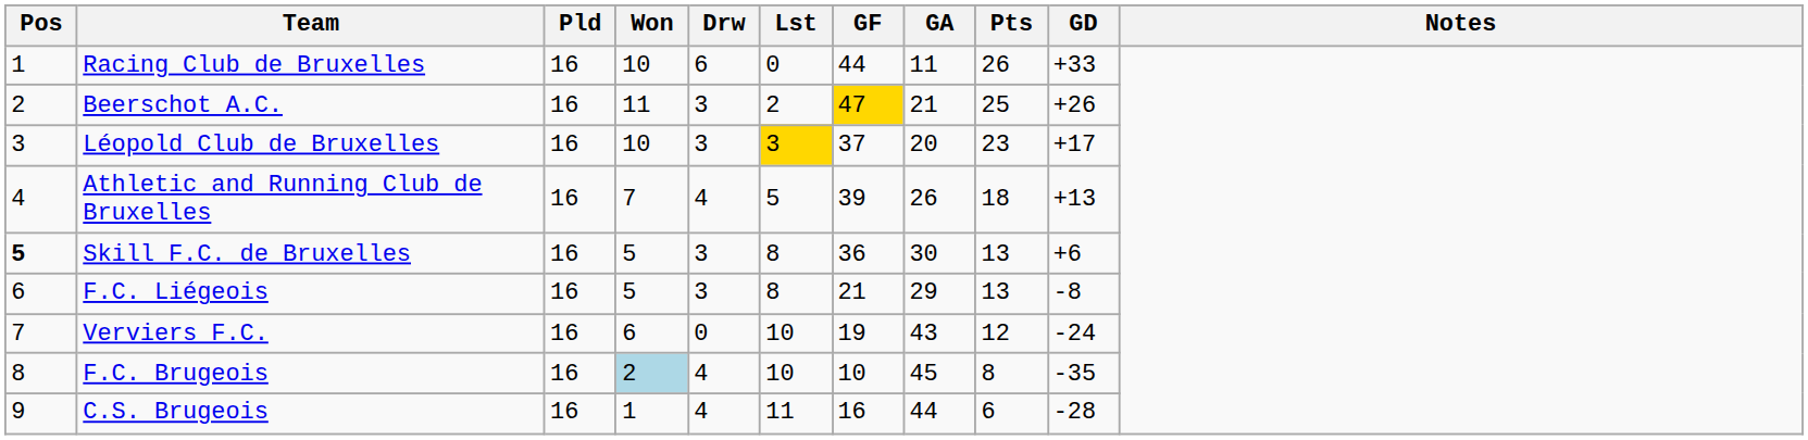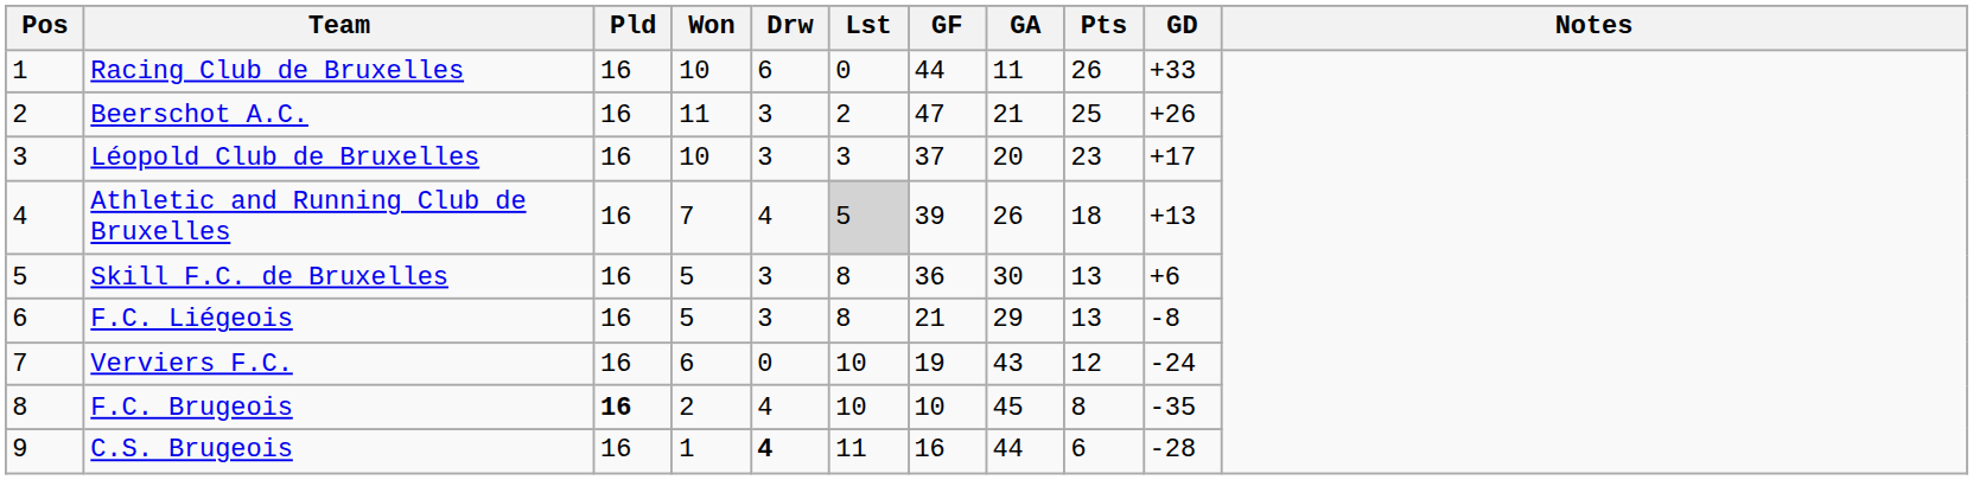 <table class="wikitable" width=70% style="font-size:90%">
 <tr>
 <th width=4%><strong>Pos</strong></th>
 <th width=26%><strong>Team</strong></th>
 <th width=4%><strong>Pld</strong></th>
 <th width=4%><strong>Won</strong></th>
 <th width=4%><strong>Drw</strong></th>
 <th width=4%><strong>Lst</strong></th>
 <th width=4%><strong>GF</strong></th>
 <th width=4%><strong>GA</strong></th>
 <th width=4%><strong>Pts</strong></th>
 <th width=4%><strong>GD</strong></th>
 <th width=38%><strong>Notes</strong></th>
 </tr>
 <tr>
 <td>1</td>
 <td><a href='#'>Racing Club de Bruxelles</a></td>
 <td>16</td>
 <td>10</td>
 <td>6</td>
 <td>0</td>
 <td>44</td>
 <td>11</td>
 <td>26</td>
 <td>+33</td>
 </tr>
 <tr>
 <td>2</td>
 <td><a href='#'>Beerschot A.C.</a></td>
 <td>16</td>
 <td>11</td>
 <td>3</td>
 <td>2</td>
-<td style="background: gold;">47</td>
+<td>47</td>
 <td>21</td>
 <td>25</td>
 <td>+26</td>
 </tr>
 <tr>
 <td>3</td>
 <td><a href='#'>Léopold Club de Bruxelles</a></td>
 <td>16</td>
 <td>10</td>
 <td>3</td>
-<td style="background: gold;">3</td>
+<td>3</td>
 <td>37</td>
 <td>20</td>
 <td>23</td>
 <td>+17</td>
 </tr>
 <tr>
 <td>4</td>
 <td><a href='#'>Athletic and Running Club de Bruxelles</a></td>
 <td>16</td>
 <td>7</td>
 <td>4</td>
-<td>5</td>
+<td style="background: lightgrey;">5</td>
 <td>39</td>
 <td>26</td>
 <td>18</td>
 <td>+13</td>
 </tr>
 <tr>
-<td><strong>5</strong></td>
+<td>5</td>
 <td><a href='#'>Skill F.C. de Bruxelles</a></td>
 <td>16</td>
 <td>5</td>
 <td>3</td>
 <td>8</td>
 <td>36</td>
 <td>30</td>
 <td>13</td>
 <td>+6</td>
 </tr>
 <tr>
 <td>6</td>
 <td><a href='#'>F.C. Liégeois</a></td>
 <td>16</td>
 <td>5</td>
 <td>3</td>
 <td>8</td>
 <td>21</td>
 <td>29</td>
 <td>13</td>
 <td>-8</td>
 </tr>
 <tr>
 <td>7</td>
 <td><a href='#'>Verviers F.C.</a></td>
 <td>16</td>
 <td>6</td>
 <td>0</td>
 <td>10</td>
 <td>19</td>
 <td>43</td>
 <td>12</td>
 <td>-24</td>
 </tr>
 <tr>
 <td>8</td>
 <td><a href='#'>F.C. Brugeois</a></td>
-<td>16</td>
-<td style="background: lightblue;">2</td>
+<td><strong>16</strong></td>
+<td>2</td>
 <td>4</td>
 <td>10</td>
 <td>10</td>
 <td>45</td>
 <td>8</td>
 <td>-35</td>
 </tr>
 <tr>
 <td>9</td>
 <td><a href='#'>C.S. Brugeois</a></td>
 <td>16</td>
 <td>1</td>
-<td>4</td>
+<td><strong>4</strong></td>
 <td>11</td>
 <td>16</td>
 <td>44</td>
 <td>6</td>
 <td>-28</td>
 </tr>
 </table>
